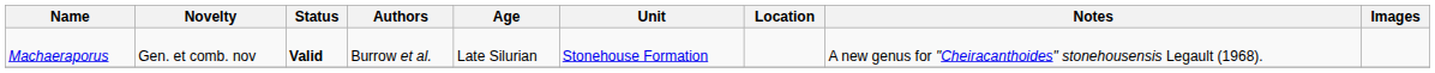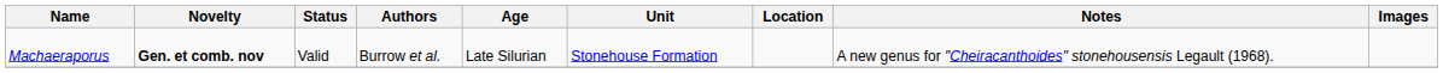 <table class="wikitable sortable" align="center" width="100%">
 <tr>
 <th>Name</th>
 <th>Novelty</th>
 <th>Status</th>
 <th>Authors</th>
 <th>Age</th>
 <th>Unit</th>
 <th>Location</th>
 <th>Notes</th>
 <th>Images</th>
 </tr>
 <tr>
 <td><br><em><a href='#'>Machaeraporus</a></em></td>
-<td><br>Gen. et comb. nov</td>
-<td><strong><br>Valid</strong></td>
+<td><strong><br>Gen. et comb. nov</strong></td>
+<td><br>Valid</td>
 <td><br>Burrow <em>et al.</em></td>
 <td><br>Late Silurian</td>
 <td><br><a href='#'>Stonehouse Formation</a></td>
 <td><br></td>
 <td><br>A new genus for <em>"<a href='#'>Cheiracanthoides</a>" stonehousensis</em> Legault (1968).</td>
 <td></td>
 </tr>
 <tr>
 </tr>
 </table>
